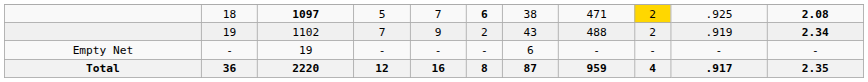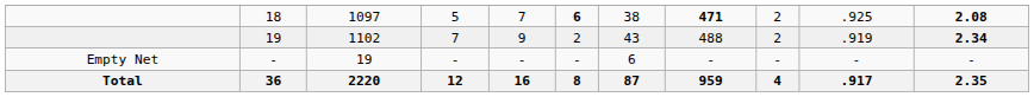 <table class="wikitable sortable" width ="1000">
 <tr align="center">
 </tr>
 <tr align="center">
 <td></td>
 <td>18</td>
-<td><strong>1097</strong></td>
+<td>1097</td>
 <td>5</td>
 <td>7</td>
 <td><strong>6</strong></td>
 <td>38</td>
-<td>471</td>
-<td style="background: gold;">2</td>
+<td><strong>471</strong></td>
+<td>2</td>
 <td>.925</td>
 <td><strong>2.08</strong></td>
 </tr>
 <tr align="center" bgcolor="#f0f0f0">
 <td></td>
 <td>19</td>
 <td>1102</td>
 <td>7</td>
 <td>9</td>
 <td>2</td>
 <td>43</td>
 <td>488</td>
 <td>2</td>
 <td>.919</td>
 <td><strong>2.34</strong></td>
 </tr>
 <tr align="center" bgcolor="">
 <td>Empty Net</td>
 <td>-</td>
 <td>19</td>
 <td>-</td>
 <td>-</td>
 <td>-</td>
 <td>6</td>
 <td>-</td>
 <td>-</td>
 <td>-</td>
 <td>-</td>
 </tr>
 <tr>
 <th>Total</th>
 <th>36</th>
 <th>2220</th>
 <th>12</th>
 <th>16</th>
 <th>8</th>
 <th>87</th>
 <th>959</th>
 <th>4</th>
 <th>.917</th>
 <th>2.35</th>
 </tr>
 </table>
